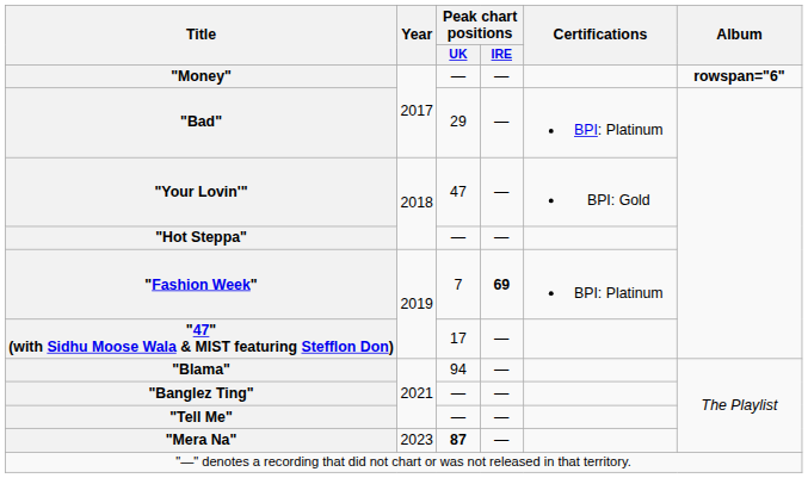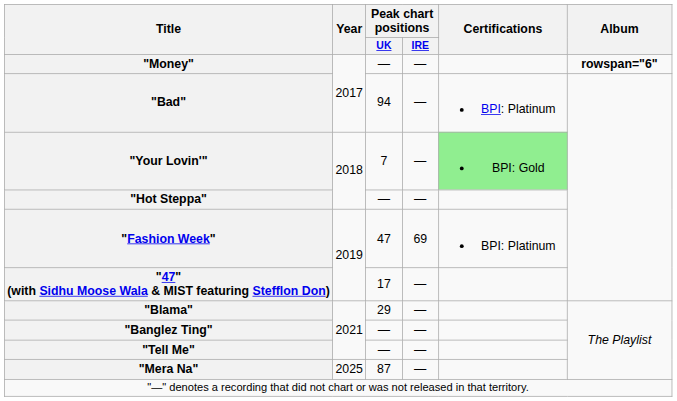 <table class="wikitable plainrowheaders" style="text-align:center;">
 <tr>
 <th scope="col" rowspan="2">Title</th>
 <th scope="col" rowspan="2" style="width:2em;">Year</th>
 <th scope="col" colspan="2">Peak chart positions</th>
 <th scope="col" rowspan="2" style="width:10em;">Certifications</th>
 <th scope="col" rowspan="2" style="width:8em;">Album</th>
 </tr>
 <tr>
 <th scope="col" style="width:3em;font-size:85%;"><a href='#'>UK</a><br></th>
 <th scope="col" style="width:3em;font-size:85%;"><a href='#'>IRE</a><br></th>
 </tr>
 <tr>
 <th scope="row">"Money"<br></th>
 <td rowspan="2">2017</td>
 <td>—</td>
 <td>—</td>
 <td></td>
 <td><strong>rowspan="6" </strong></td>
 </tr>
 <tr>
 <th scope="row">"Bad"<br></th>
-<td>29</td>
+<td>94</td>
 <td>—</td>
 <td><br><ul><li><a href='#'>BPI</a>: Platinum</li></ul></td>
 </tr>
 <tr>
 <th scope="row">"Your Lovin'"<br></th>
 <td rowspan="2">2018</td>
-<td>47</td>
+<td>7</td>
 <td>—</td>
-<td><br><ul><li>BPI: Gold</li></ul></td>
+<td style="background: lightgreen;"><br><ul><li>BPI: Gold</li></ul></td>
 </tr>
 <tr>
 <th scope="row">"Hot Steppa"<br></th>
 <td>—</td>
 <td>—</td>
 <td></td>
 </tr>
 <tr>
 <th scope="row">"<a href='#'>Fashion Week</a>"<br></th>
 <td rowspan="2">2019</td>
-<td>7</td>
-<td><strong>69</strong></td>
+<td>47</td>
+<td>69</td>
 <td><br><ul><li>BPI: Platinum</li></ul></td>
 </tr>
 <tr>
 <th scope="row">"<a href='#'>47</a>"<br><span>(with <a href='#'>Sidhu Moose Wala</a> & MIST featuring <a href='#'>Stefflon Don</a>)</span></th>
 <td>17</td>
 <td>—</td>
 <td></td>
 </tr>
 <tr>
 <th scope="row">"Blama"<br></th>
 <td rowspan="3">2021</td>
-<td>94</td>
+<td>29</td>
 <td>—</td>
 <td></td>
 <td rowspan="4"><em>The Playlist</em></td>
 </tr>
 <tr>
 <th scope="row">"Banglez Ting"<br></th>
 <td>—</td>
 <td>—</td>
 <td></td>
 </tr>
 <tr>
 <th scope="row">"Tell Me"<br></th>
 <td>—</td>
 <td>—</td>
 <td></td>
 </tr>
 <tr>
 <th scope="row">"Mera Na"<br></th>
-<td>2023</td>
-<td><strong>87</strong></td>
+<td>2025</td>
+<td>87</td>
 <td>—</td>
 <td></td>
 </tr>
 <tr>
 <td colspan="6" style="font-size:90%">"—" denotes a recording that did not chart or was not released in that territory.</td>
 </tr>
 </table>
